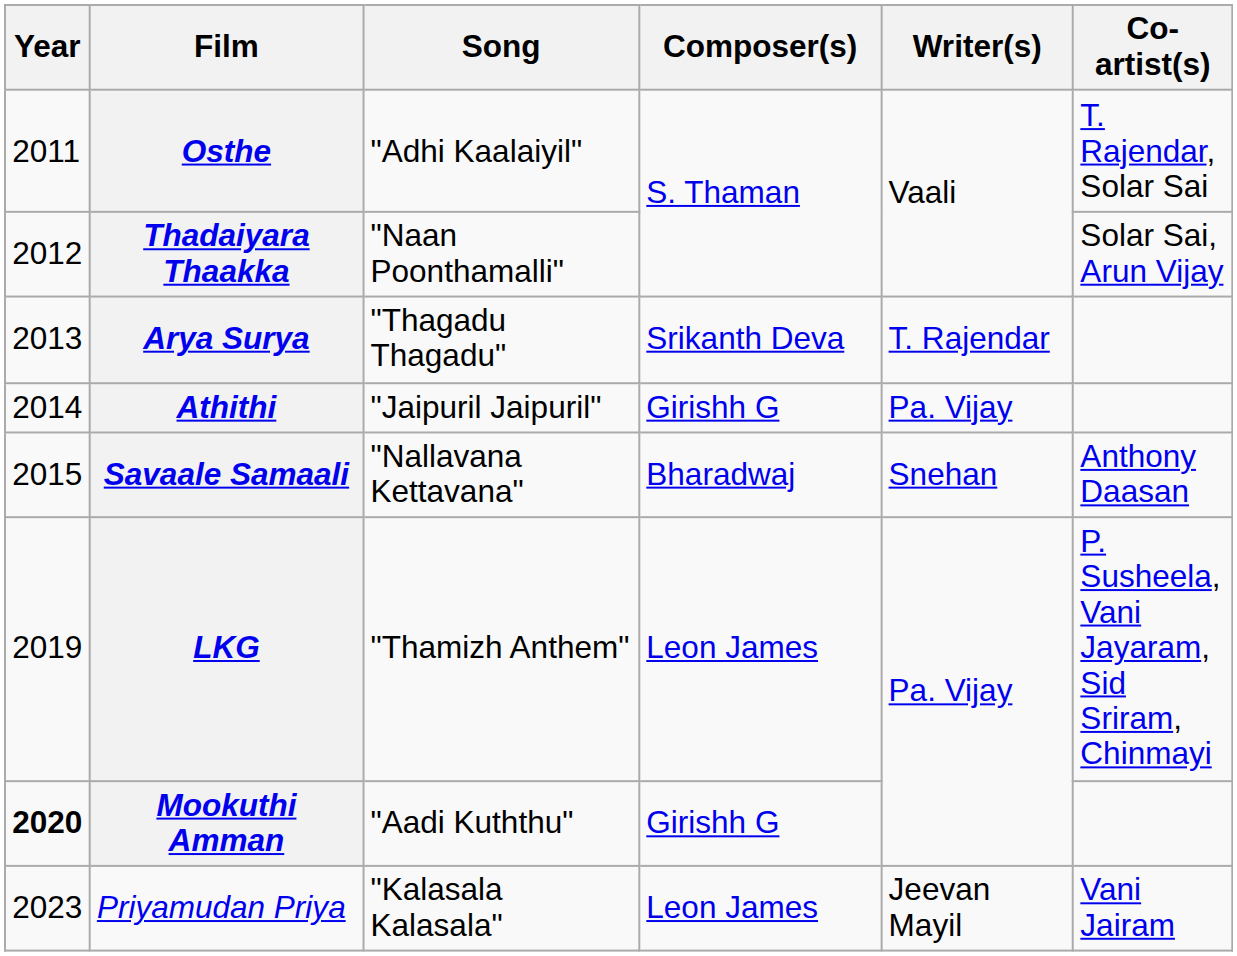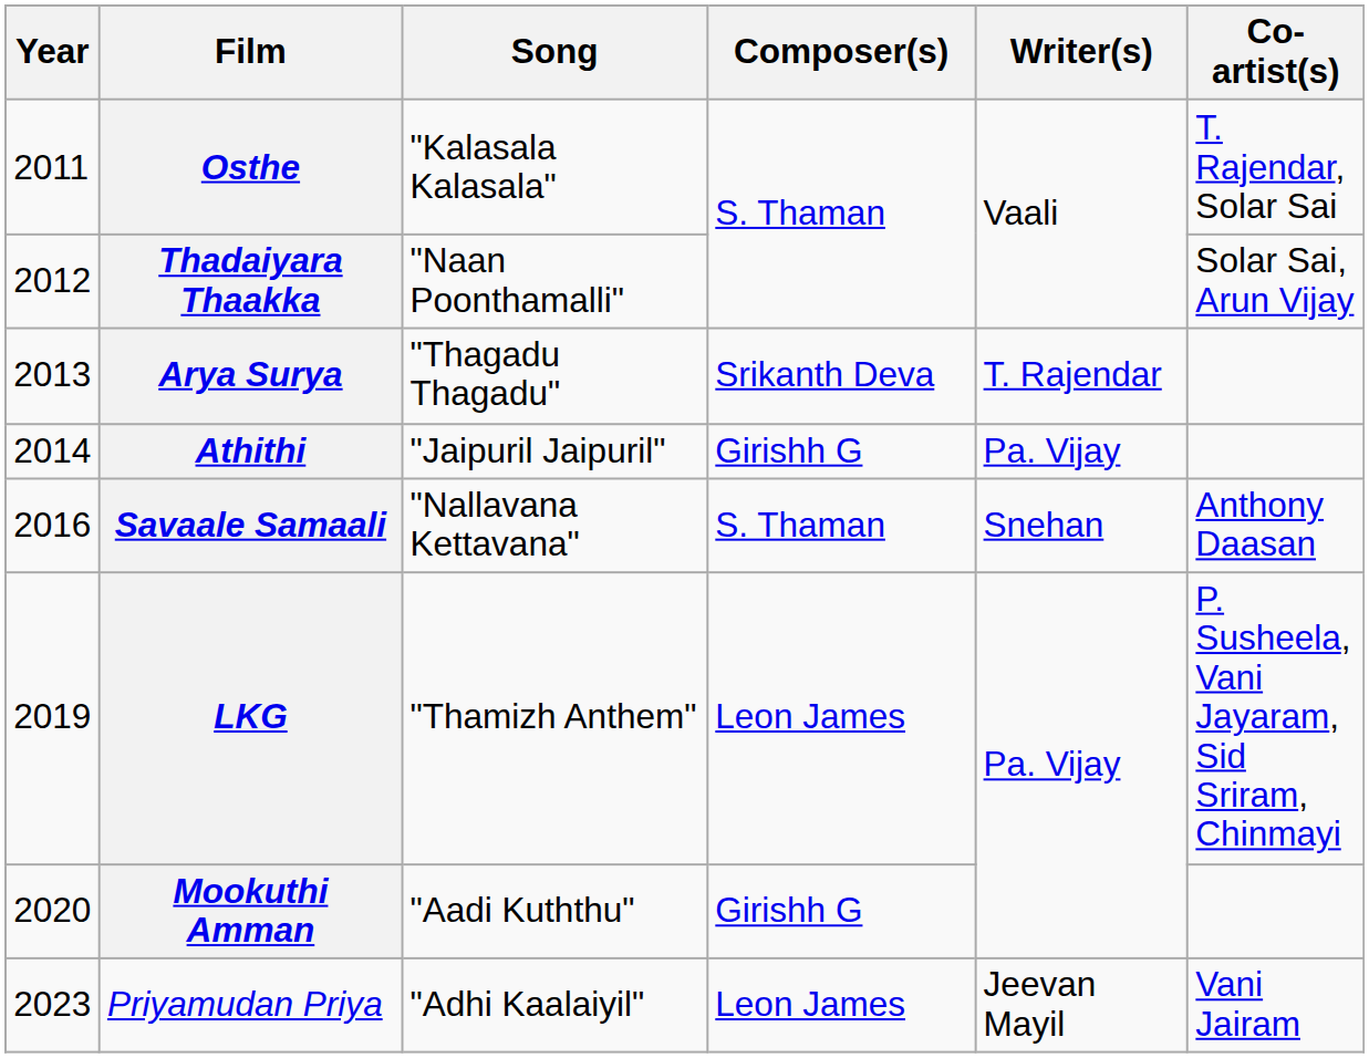 <table class="wikitable plainrowheaders" width="100%" textcolor:#000;">
 <tr style="background:#b0e0e66;">
 <th scope="col" width=5%><strong>Year</strong></th>
 <th scope="col" width=23%><strong>Film</strong></th>
 <th scope="col" width=23%><strong>Song</strong></th>
 <th scope="col" width=20%><strong>Composer(s)</strong></th>
 <th scope="col" width=16%><strong>Writer(s)</strong></th>
 <th scope="col" width=18%><strong>Co-artist(s)</strong></th>
 </tr>
 <tr>
 <td>2011</td>
 <th><em><a href='#'>Osthe</a></em></th>
-<td>"Adhi Kaalaiyil"</td>
+<td>"Kalasala Kalasala"</td>
 <td rowspan="2"><a href='#'>S. Thaman</a></td>
 <td rowspan="2">Vaali</td>
 <td><a href='#'>T. Rajendar</a>, Solar Sai</td>
 </tr>
 <tr>
 <td>2012</td>
 <th><em><a href='#'>Thadaiyara Thaakka</a></em></th>
 <td>"Naan Poonthamalli"</td>
 <td>Solar Sai, <a href='#'>Arun Vijay</a></td>
 </tr>
 <tr>
 <td>2013</td>
 <th><em><a href='#'>Arya Surya</a></em></th>
 <td>"Thagadu Thagadu"</td>
 <td><a href='#'>Srikanth Deva</a></td>
 <td><a href='#'>T. Rajendar</a></td>
 <td></td>
 </tr>
 <tr>
 <td>2014</td>
 <th><em><a href='#'>Athithi</a></em></th>
 <td>"Jaipuril Jaipuril"</td>
 <td><a href='#'>Girishh G</a></td>
 <td><a href='#'>Pa. Vijay</a></td>
 <td></td>
 </tr>
 <tr>
-<td>2015</td>
+<td>2016</td>
 <th><em><a href='#'>Savaale Samaali</a></em></th>
 <td>"Nallavana Kettavana"</td>
-<td><a href='#'>Bharadwaj</a></td>
+<td><a href='#'>S. Thaman</a></td>
 <td><a href='#'>Snehan</a></td>
 <td><a href='#'>Anthony Daasan</a></td>
 </tr>
 <tr>
 <td>2019</td>
 <th><em><a href='#'>LKG</a></em></th>
 <td>"Thamizh Anthem"</td>
 <td><a href='#'>Leon James</a></td>
 <td rowspan="2"><a href='#'>Pa. Vijay</a></td>
 <td><a href='#'>P. Susheela</a>, <a href='#'>Vani Jayaram</a>, <a href='#'>Sid Sriram</a>, <a href='#'>Chinmayi</a></td>
 </tr>
 <tr>
-<td><strong>2020</strong></td>
+<td>2020</td>
 <th><em><a href='#'>Mookuthi Amman</a></em></th>
 <td>"Aadi Kuththu"</td>
 <td><a href='#'>Girishh G</a></td>
 <td></td>
 </tr>
 <tr>
 <td>2023</td>
 <td><em><a href='#'>Priyamudan Priya</a></em></td>
-<td>"Kalasala Kalasala"</td>
+<td>"Adhi Kaalaiyil"</td>
 <td><a href='#'>Leon James</a></td>
 <td>Jeevan Mayil</td>
 <td><a href='#'>Vani Jairam</a></td>
 </tr>
 </table>
